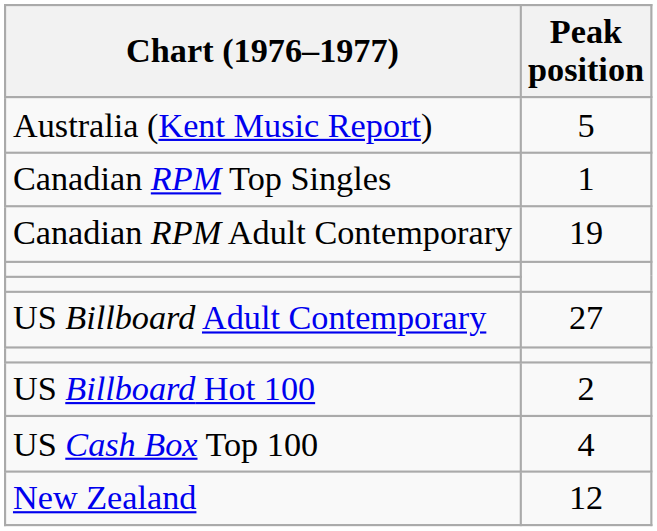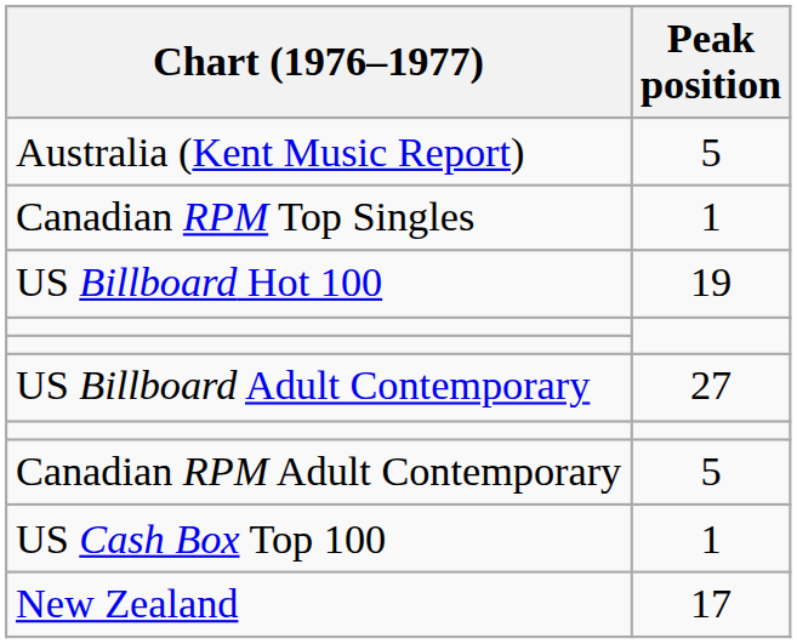 <table class="wikitable sortable">
 <tr>
 <th align="left">Chart (1976–1977)</th>
 <th style="text-align:center;">Peak<br>position</th>
 </tr>
 <tr>
 <td align="left">Australia (<a href='#'>Kent Music Report</a>)</td>
 <td style="text-align:center;">5</td>
 </tr>
 <tr>
 <td align="left">Canadian <em><a href='#'>RPM</a></em> Top Singles</td>
 <td style="text-align:center;">1</td>
 </tr>
 <tr>
-<td align="left">Canadian <em>RPM</em> Adult Contemporary</td>
+<td align="left">US <a href='#'><em>Billboard</em> Hot 100</a></td>
 <td style="text-align:center;">19</td>
 </tr>
 <tr>
 <td></td>
 </tr>
 <tr>
 <td></td>
 </tr>
 <tr>
 <td>US <em>Billboard</em> <a href='#'>Adult Contemporary</a></td>
 <td style="text-align:center;">27</td>
 </tr>
 <tr>
 <td></td>
 </tr>
 <tr>
-<td align="left">US <a href='#'><em>Billboard</em> Hot 100</a></td>
-<td style="text-align:center;">2</td>
+<td align="left">Canadian <em>RPM</em> Adult Contemporary</td>
+<td style="text-align:center;">5</td>
 </tr>
 <tr>
 <td>US <a href='#'><em>Cash Box</em></a> Top 100</td>
-<td align="center">4</td>
+<td align="center">1</td>
 </tr>
 <tr>
 <td align="left"><a href='#'>New Zealand</a></td>
-<td align="center">12</td>
+<td align="center">17</td>
 </tr>
 </table>
